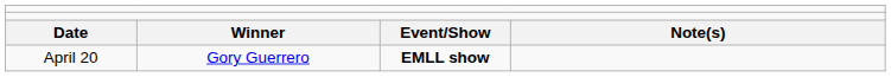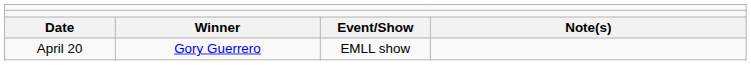 <table class="wikitable" style="text-align:center; width:100%;">
 <tr>
 <td colspan=5></td>
 </tr>
 <tr>
 <td colspan=5><strong></strong></td>
 </tr>
 <tr>
 <th width=14%>Date</th>
 <th width=26%>Winner</th>
 <th width=14%>Event/Show</th>
 <th width=40%>Note(s)</th>
 </tr>
 <tr>
 <td>April 20</td>
 <td><a href='#'>Gory Guerrero</a></td>
-<td><strong>EMLL show</strong></td>
+<td>EMLL show</td>
 <td align=left></td>
 </tr>
 </table>
